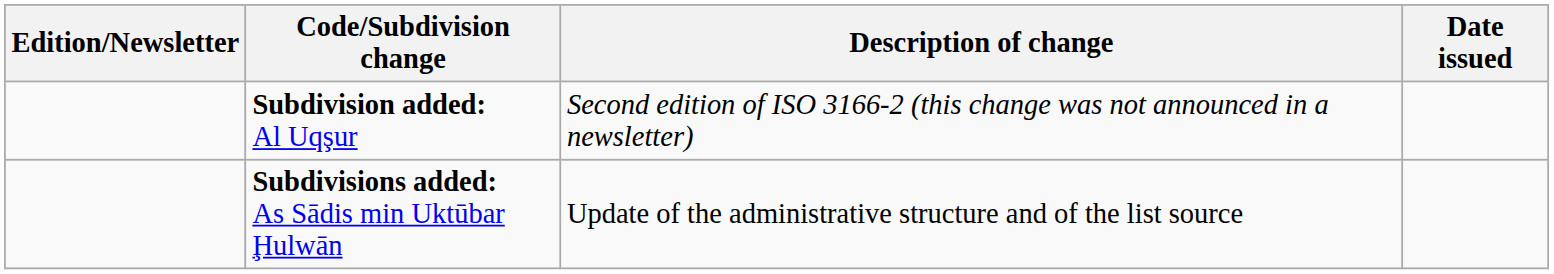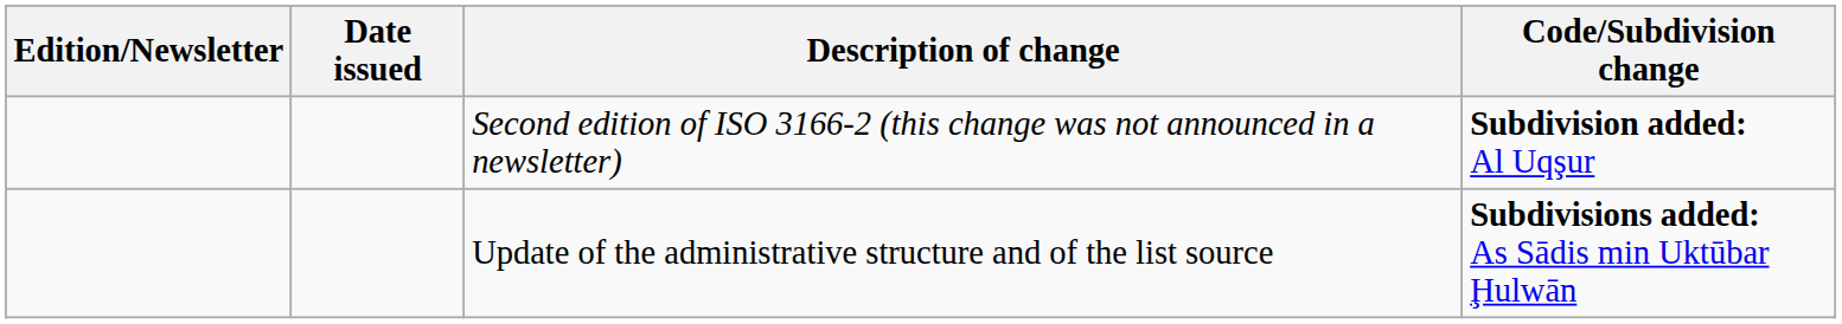 <table class="wikitable">
 <tr>
 <th>Edition/Newsletter</th>
+<th>Date issued</th>
+<th>Description of change</th>
 <th>Code/Subdivision change</th>
-<th>Description of change</th>
-<th>Date issued</th>
 </tr>
 <tr>
 <td id="II"></td>
+<td></td>
+<td><em>Second edition of ISO 3166-2 (this change was not announced in a newsletter)</em></td>
 <td style=white-space:nowrap><strong>Subdivision added:</strong><br>  <a href='#'>Al Uqşur</a></td>
-<td><em>Second edition of ISO 3166-2 (this change was not announced in a newsletter)</em></td>
-<td></td>
 </tr>
 <tr>
 <td id="II-2"></td>
+<td></td>
+<td>Update of the administrative structure and of the list source</td>
 <td style=white-space:nowrap><strong>Subdivisions added:</strong><br>  <a href='#'>As Sādis min Uktūbar</a><br>  <a href='#'>Ḩulwān</a></td>
-<td>Update of the administrative structure and of the list source</td>
-<td></td>
 </tr>
 </table>
